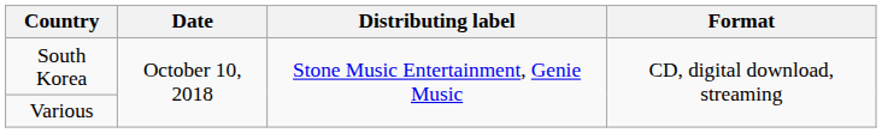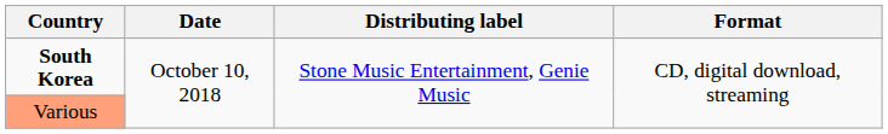 <table class="wikitable" style="width:670px; text-align:center">
 <tr>
 <th>Country</th>
 <th>Date</th>
 <th>Distributing label</th>
 <th>Format</th>
 </tr>
 <tr>
-<td>South Korea</td>
+<td><strong>South Korea</strong></td>
 <td rowspan="2">October 10, 2018</td>
 <td rowspan="2"><a href='#'>Stone Music Entertainment</a>, <a href='#'>Genie Music</a></td>
 <td rowspan="2">CD, digital download, streaming</td>
 </tr>
 <tr>
-<td>Various</td>
+<td style="background: lightsalmon;">Various</td>
 </tr>
 </table>
